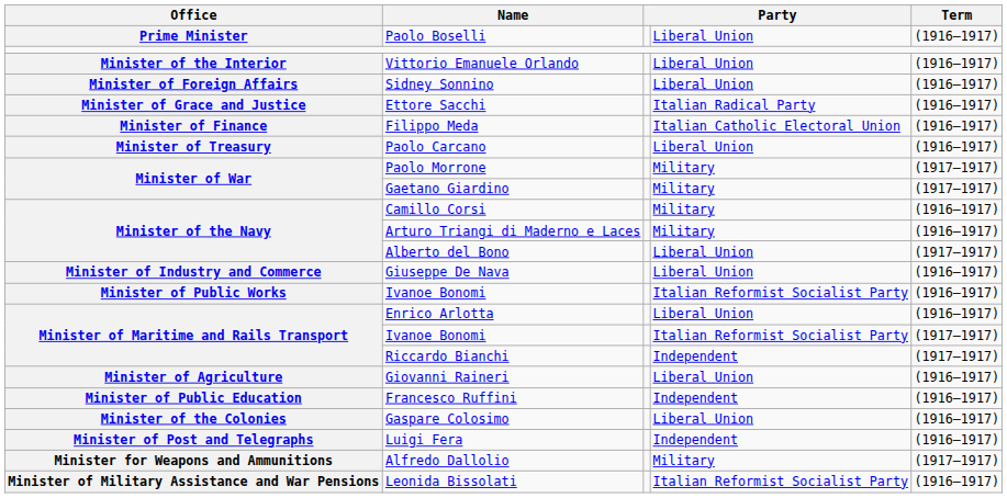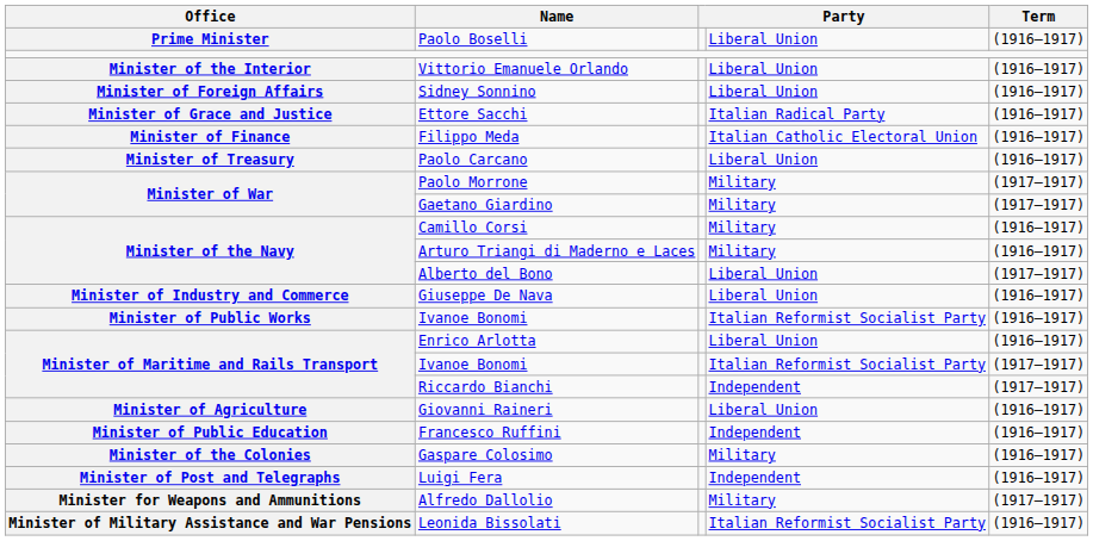 <table class="wikitable" style="font-size: 100%;">
 <tr>
 <th>Office</th>
 <th>Name</th>
 <th colspan=2>Party</th>
 <th>Term</th>
 </tr>
 <tr>
 <th><a href='#'>Prime Minister</a></th>
 <td><a href='#'>Paolo Boselli</a></td>
 <td style="color:inherit;background:"></td>
 <td><a href='#'>Liberal Union</a></td>
 <td>(1916–1917)</td>
 </tr>
 <tr>
 <td colspan=6></td>
 </tr>
 <tr>
 <th><a href='#'>Minister of the Interior</a></th>
 <td><a href='#'>Vittorio Emanuele Orlando</a></td>
 <td style="color:inherit;background:"></td>
 <td><a href='#'>Liberal Union</a></td>
 <td>(1916–1917)</td>
 </tr>
 <tr>
 <th><a href='#'>Minister of Foreign Affairs</a></th>
 <td><a href='#'>Sidney Sonnino</a></td>
 <td style="color:inherit;background:"></td>
 <td><a href='#'>Liberal Union</a></td>
 <td>(1916–1917)</td>
 </tr>
 <tr>
 <th><a href='#'>Minister of Grace and Justice</a></th>
 <td><a href='#'>Ettore Sacchi</a></td>
 <td style="color:inherit;background:"></td>
 <td><a href='#'>Italian Radical Party</a></td>
 <td>(1916–1917)</td>
 </tr>
 <tr>
 <th><a href='#'>Minister of Finance</a></th>
 <td><a href='#'>Filippo Meda</a></td>
 <td style="color:inherit;background:"></td>
 <td><a href='#'>Italian Catholic Electoral Union</a></td>
 <td>(1916–1917)</td>
 </tr>
 <tr>
 <th><a href='#'>Minister of Treasury</a></th>
 <td><a href='#'>Paolo Carcano</a></td>
 <td style="color:inherit;background:"></td>
 <td><a href='#'>Liberal Union</a></td>
 <td>(1916–1917)</td>
 </tr>
 <tr>
 <th rowspan=2><a href='#'>Minister of War</a></th>
 <td><a href='#'>Paolo Morrone</a></td>
 <td style="color:inherit;background:"></td>
 <td><a href='#'>Military</a></td>
 <td>(1917–1917)</td>
 </tr>
 <tr>
 <td><a href='#'>Gaetano Giardino</a></td>
 <td style="color:inherit;background:"></td>
 <td><a href='#'>Military</a></td>
 <td>(1917–1917)</td>
 </tr>
 <tr>
 <th rowspan=3><a href='#'>Minister of the Navy</a></th>
 <td><a href='#'>Camillo Corsi</a></td>
 <td style="color:inherit;background:"></td>
 <td><a href='#'>Military</a></td>
 <td>(1916–1917)</td>
 </tr>
 <tr>
 <td><a href='#'>Arturo Triangi di Maderno e Laces</a></td>
 <td style="color:inherit;background:"></td>
 <td><a href='#'>Military</a></td>
 <td>(1916–1917)</td>
 </tr>
 <tr>
 <td><a href='#'>Alberto del Bono</a></td>
 <td style="color:inherit;background:"></td>
 <td><a href='#'>Liberal Union</a></td>
 <td>(1917–1917)</td>
 </tr>
 <tr>
 <th><a href='#'>Minister of Industry and Commerce</a></th>
 <td><a href='#'>Giuseppe De Nava</a></td>
 <td style="color:inherit;background:"></td>
 <td><a href='#'>Liberal Union</a></td>
 <td>(1916–1917)</td>
 </tr>
 <tr>
 <th><a href='#'>Minister of Public Works</a></th>
 <td><a href='#'>Ivanoe Bonomi</a></td>
 <td style="color:inherit;background:"></td>
 <td><a href='#'>Italian Reformist Socialist Party</a></td>
 <td>(1916–1917)</td>
 </tr>
 <tr>
 <th rowspan=3><a href='#'>Minister of Maritime and Rails Transport</a></th>
 <td><a href='#'>Enrico Arlotta</a></td>
 <td style="color:inherit;background:"></td>
 <td><a href='#'>Liberal Union</a></td>
 <td>(1916–1917)</td>
 </tr>
 <tr>
 <td><a href='#'>Ivanoe Bonomi</a></td>
 <td style="color:inherit;background:"></td>
 <td><a href='#'>Italian Reformist Socialist Party</a></td>
 <td>(1917–1917)</td>
 </tr>
 <tr>
 <td><a href='#'>Riccardo Bianchi</a></td>
 <td style="color:inherit;background:"></td>
 <td><a href='#'>Independent</a></td>
 <td>(1917–1917)</td>
 </tr>
 <tr>
 <th><a href='#'>Minister of Agriculture</a></th>
 <td><a href='#'>Giovanni Raineri</a></td>
 <td style="color:inherit;background:"></td>
 <td><a href='#'>Liberal Union</a></td>
 <td>(1916–1917)</td>
 </tr>
 <tr>
 <th><a href='#'>Minister of Public Education</a></th>
 <td><a href='#'>Francesco Ruffini</a></td>
 <td style="color:inherit;background:"></td>
 <td><a href='#'>Independent</a></td>
 <td>(1916–1917)</td>
 </tr>
 <tr>
 <th><a href='#'>Minister of the Colonies</a></th>
 <td><a href='#'>Gaspare Colosimo</a></td>
 <td style="color:inherit;background:"></td>
-<td><a href='#'>Liberal Union</a></td>
+<td><a href='#'>Military</a></td>
 <td>(1916–1917)</td>
 </tr>
 <tr>
 <th><a href='#'>Minister of Post and Telegraphs</a></th>
 <td><a href='#'>Luigi Fera</a></td>
 <td style="color:inherit;background:"></td>
 <td><a href='#'>Independent</a></td>
 <td>(1916–1917)</td>
 </tr>
 <tr>
 <th>Minister for Weapons and Ammunitions</th>
 <td><a href='#'>Alfredo Dallolio</a></td>
 <td style="color:inherit;background:"></td>
 <td><a href='#'>Military</a></td>
 <td>(1917–1917)</td>
 </tr>
 <tr>
 <th>Minister of Military Assistance and War Pensions</th>
 <td><a href='#'>Leonida Bissolati</a></td>
 <td style="color:inherit;background:"></td>
 <td><a href='#'>Italian Reformist Socialist Party</a></td>
 <td>(1916–1917)</td>
 </tr>
 </table>
